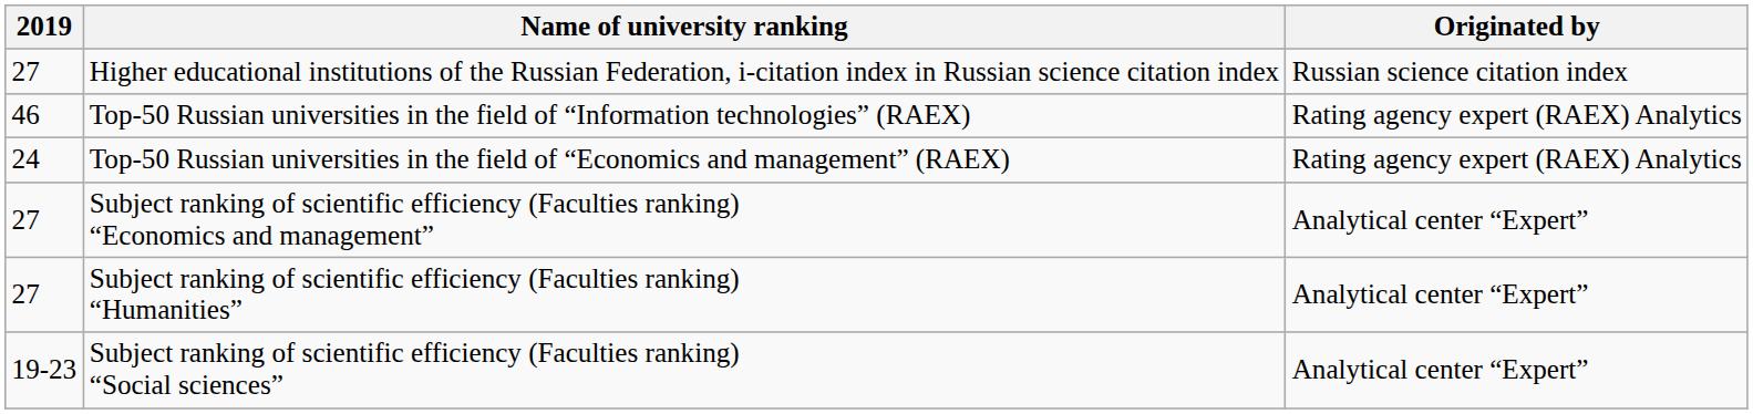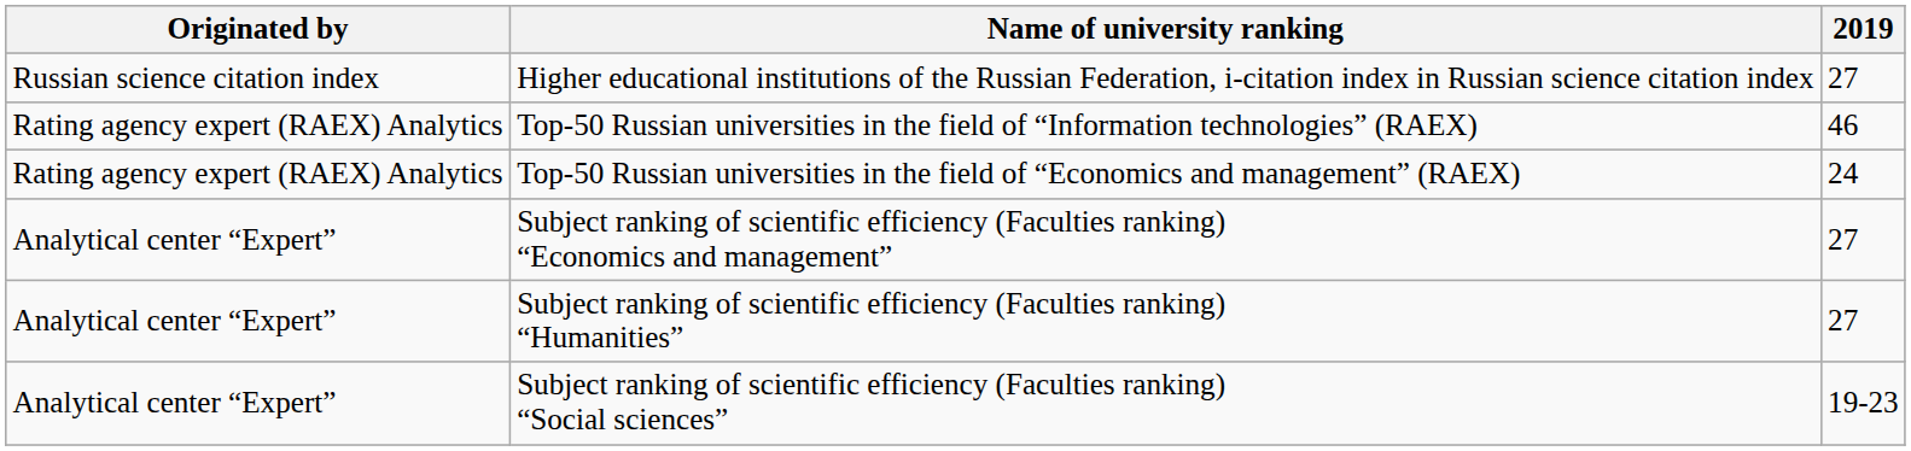 <table class="wikitable">
 <tr>
+<th>Originated by</th>
+<th>Name of university ranking</th>
 <th>2019</th>
-<th>Name of university ranking</th>
-<th>Originated by</th>
 </tr>
 <tr>
+<td>Russian science citation index</td>
+<td>Higher educational institutions of the Russian Federation, i-citation index in Russian science citation index</td>
 <td>27</td>
-<td>Higher educational institutions of the Russian Federation, i-citation index in Russian science citation index</td>
-<td>Russian science citation index</td>
 </tr>
 <tr>
+<td>Rating agency expert (RAEX) Analytics</td>
+<td>Top-50 Russian universities in the field of “Information technologies” (RAEX)</td>
 <td>46</td>
-<td>Top-50 Russian universities in the field of “Information technologies” (RAEX)</td>
-<td>Rating agency expert (RAEX) Analytics</td>
 </tr>
 <tr>
+<td>Rating agency expert (RAEX) Analytics</td>
+<td>Top-50 Russian universities in the field of “Economics and management” (RAEX)</td>
 <td>24</td>
-<td>Top-50 Russian universities in the field of “Economics and management” (RAEX)</td>
-<td>Rating agency expert (RAEX) Analytics</td>
 </tr>
 <tr>
+<td>Analytical center “Expert”</td>
+<td>Subject ranking of scientific efficiency (Faculties ranking)<br>“Economics and management”</td>
 <td>27</td>
-<td>Subject ranking of scientific efficiency (Faculties ranking)<br>“Economics and management”</td>
-<td>Analytical center “Expert”</td>
 </tr>
 <tr>
+<td>Analytical center “Expert”</td>
+<td>Subject ranking of scientific efficiency (Faculties ranking)<br>“Humanities”</td>
 <td>27</td>
-<td>Subject ranking of scientific efficiency (Faculties ranking)<br>“Humanities”</td>
-<td>Analytical center “Expert”</td>
 </tr>
 <tr>
+<td>Analytical center “Expert”</td>
+<td>Subject ranking of scientific efficiency (Faculties ranking)<br>“Social sciences”</td>
 <td>19-23</td>
-<td>Subject ranking of scientific efficiency (Faculties ranking)<br>“Social sciences”</td>
-<td>Analytical center “Expert”</td>
 </tr>
 </table>
